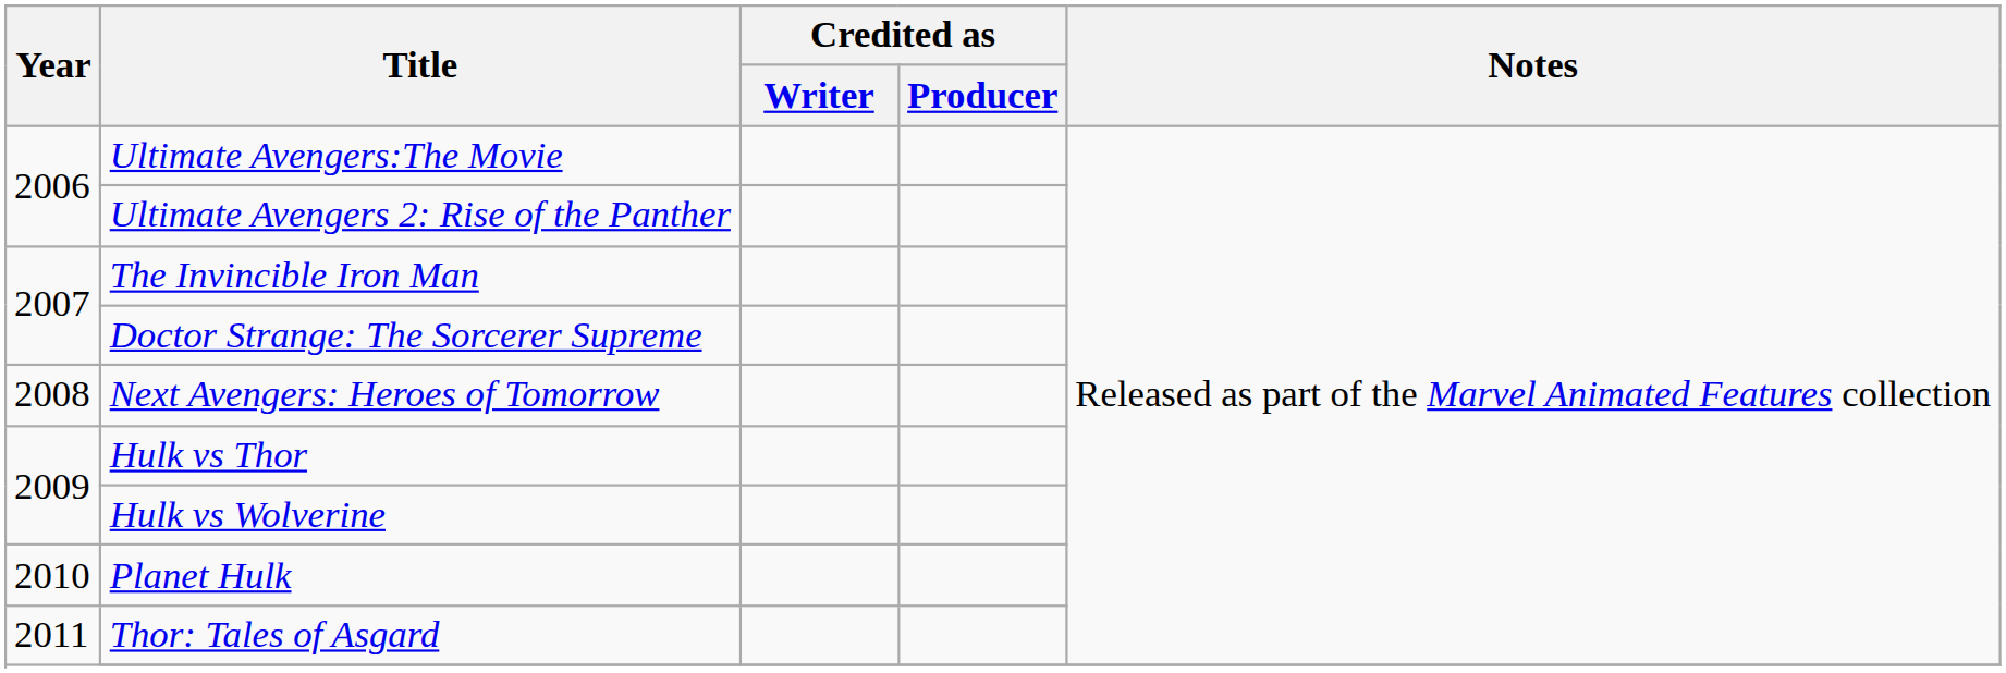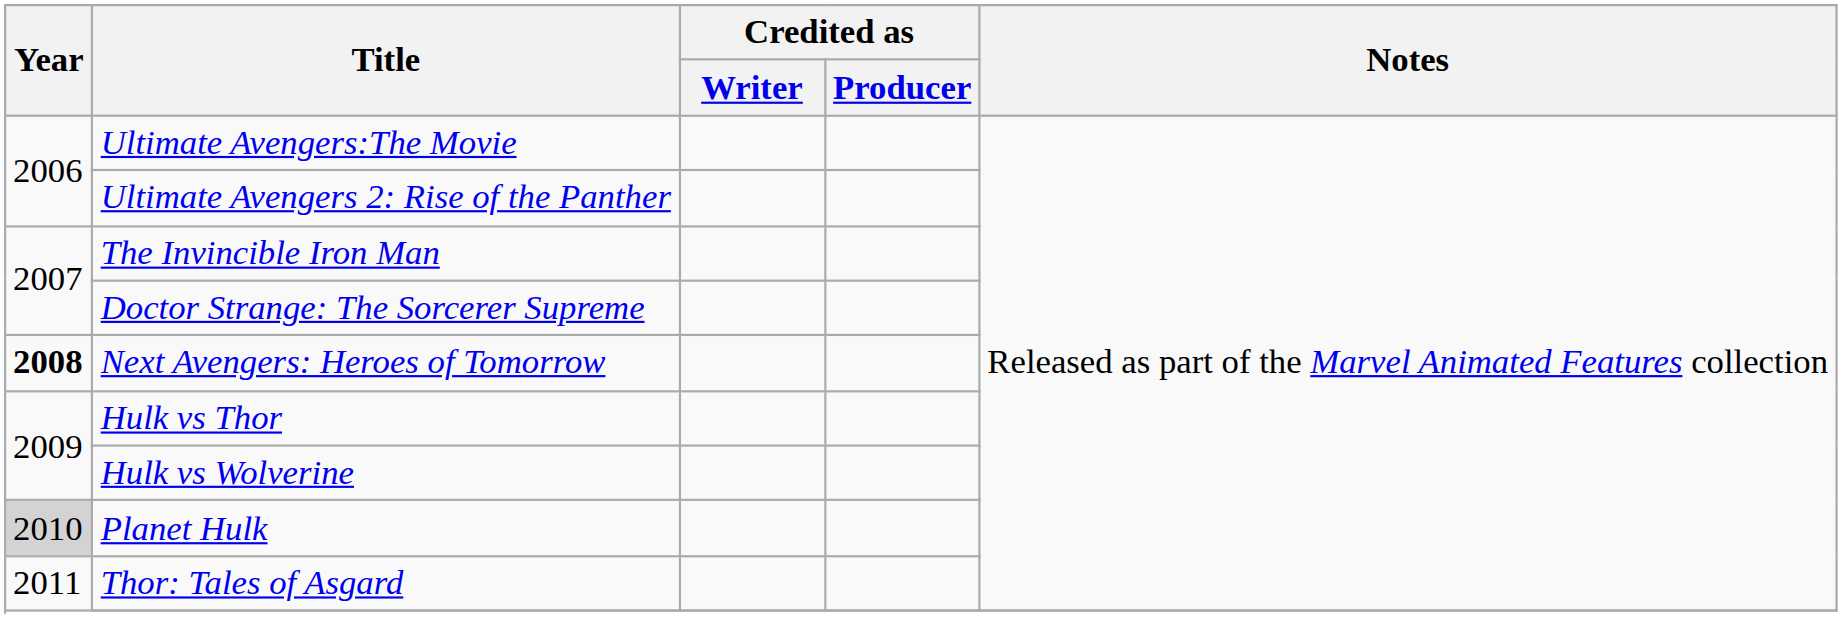 <table class="wikitable">
 <tr style="background:#ccc; text-align:center;">
 <th rowspan="2" style="width:33px;">Year</th>
 <th rowspan="2">Title</th>
 <th colspan="2">Credited as</th>
 <th rowspan="2">Notes</th>
 </tr>
 <tr>
 <th width=60><a href='#'>Writer</a></th>
 <th><a href='#'>Producer</a></th>
 </tr>
 <tr>
 <td rowspan="2">2006</td>
 <td><em><a href='#'>Ultimate Avengers:The Movie</a></em></td>
 <td></td>
 <td></td>
 <td rowspan="9">Released as part of the <em><a href='#'>Marvel Animated Features</a></em> collection</td>
 </tr>
 <tr>
 <td><em><a href='#'>Ultimate Avengers 2: Rise of the Panther</a></em></td>
 <td></td>
 <td></td>
 </tr>
 <tr>
 <td rowspan="2">2007</td>
 <td><em><a href='#'>The Invincible Iron Man</a></em></td>
 <td></td>
 <td></td>
 </tr>
 <tr>
 <td><em><a href='#'>Doctor Strange: The Sorcerer Supreme</a></em></td>
 <td></td>
 <td></td>
 </tr>
 <tr>
-<td>2008</td>
+<td><strong>2008</strong></td>
 <td><em><a href='#'>Next Avengers: Heroes of Tomorrow</a></em></td>
 <td></td>
 <td></td>
 </tr>
 <tr>
 <td rowspan="2">2009</td>
 <td><em><a href='#'>Hulk vs Thor</a></em></td>
 <td></td>
 <td></td>
 </tr>
 <tr>
 <td><em><a href='#'>Hulk vs Wolverine</a></em></td>
 <td></td>
 <td></td>
 </tr>
 <tr>
-<td>2010</td>
+<td style="background: lightgrey;">2010</td>
 <td><em><a href='#'>Planet Hulk</a></em></td>
 <td></td>
 <td></td>
 </tr>
 <tr>
 <td rowspan="2">2011</td>
 <td><em><a href='#'>Thor: Tales of Asgard</a></em></td>
 <td></td>
 <td></td>
 </tr>
 <tr>
 </tr>
 </table>
